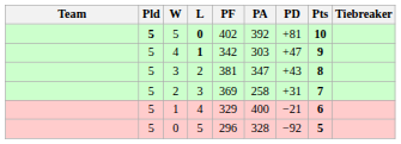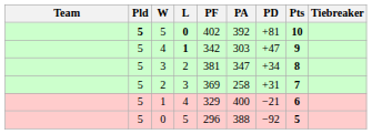 <table class="wikitable" style="text-align:center;">
 <tr>
 <th width=170>Team</th>
 <th width=25>Pld</th>
 <th width=25>W</th>
 <th width=25>L</th>
 <th width=35>PF</th>
 <th width=35>PA</th>
 <th width=35>PD</th>
 <th width=25>Pts</th>
 <th width=50>Tiebreaker</th>
 </tr>
 <tr bgcolor=ccffcc>
 <td align="left"></td>
 <td><strong>5</strong></td>
 <td>5</td>
 <td><strong>0</strong></td>
 <td>402</td>
 <td>392</td>
 <td>+81</td>
 <td><strong>10</strong></td>
 <td></td>
 </tr>
 <tr bgcolor=ccffcc>
 <td align="left"></td>
 <td>5</td>
 <td>4</td>
 <td><strong>1</strong></td>
 <td>342</td>
 <td>303</td>
 <td>+47</td>
 <td><strong>9</strong></td>
 <td></td>
 </tr>
 <tr bgcolor=ccffcc>
 <td align="left"></td>
 <td>5</td>
 <td>3</td>
 <td>2</td>
 <td>381</td>
 <td>347</td>
-<td>+43</td>
+<td>+34</td>
 <td><strong>8</strong></td>
 <td></td>
 </tr>
 <tr bgcolor=ccffcc>
 <td align="left"></td>
 <td>5</td>
 <td>2</td>
 <td>3</td>
 <td>369</td>
 <td>258</td>
 <td>+31</td>
 <td><strong>7</strong></td>
 <td></td>
 </tr>
 <tr bgcolor=ffcccc>
 <td align="left"></td>
 <td>5</td>
 <td>1</td>
 <td>4</td>
 <td>329</td>
 <td>400</td>
 <td>−21</td>
 <td><strong>6</strong></td>
 <td></td>
 </tr>
 <tr bgcolor=ffcccc>
 <td align="left"></td>
 <td>5</td>
 <td>0</td>
 <td>5</td>
 <td>296</td>
-<td>328</td>
+<td>388</td>
 <td>−92</td>
 <td><strong>5</strong></td>
 <td></td>
 </tr>
 </table>
